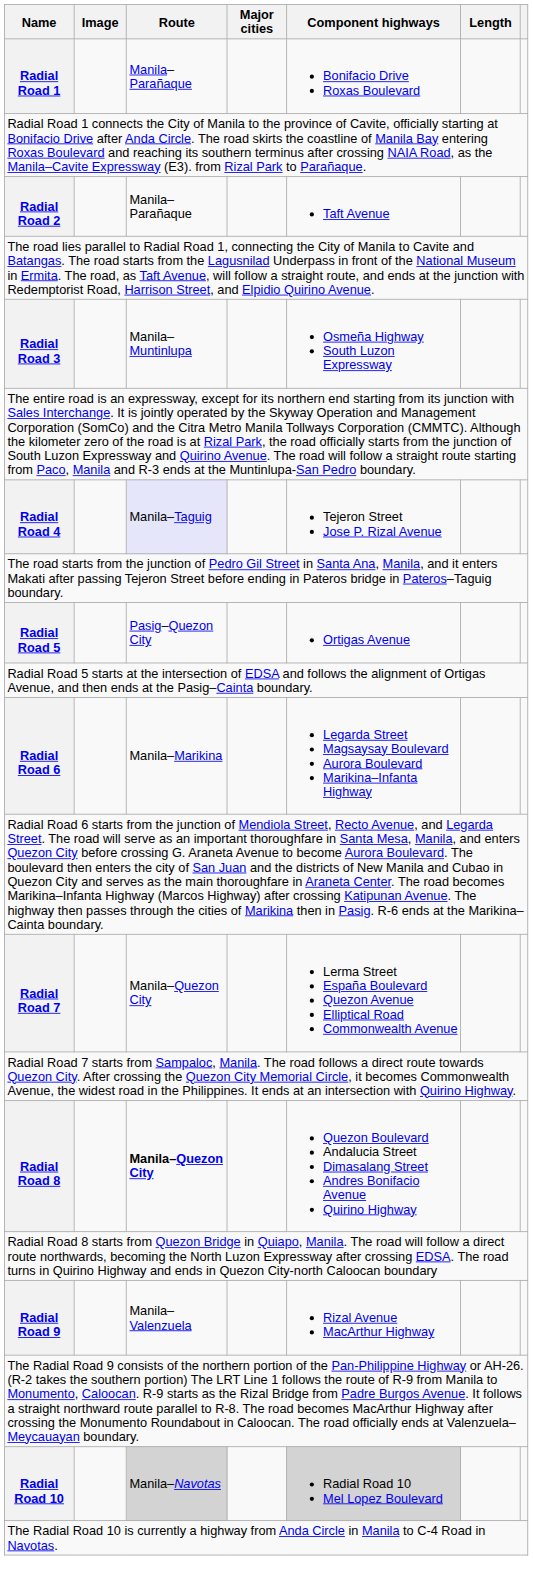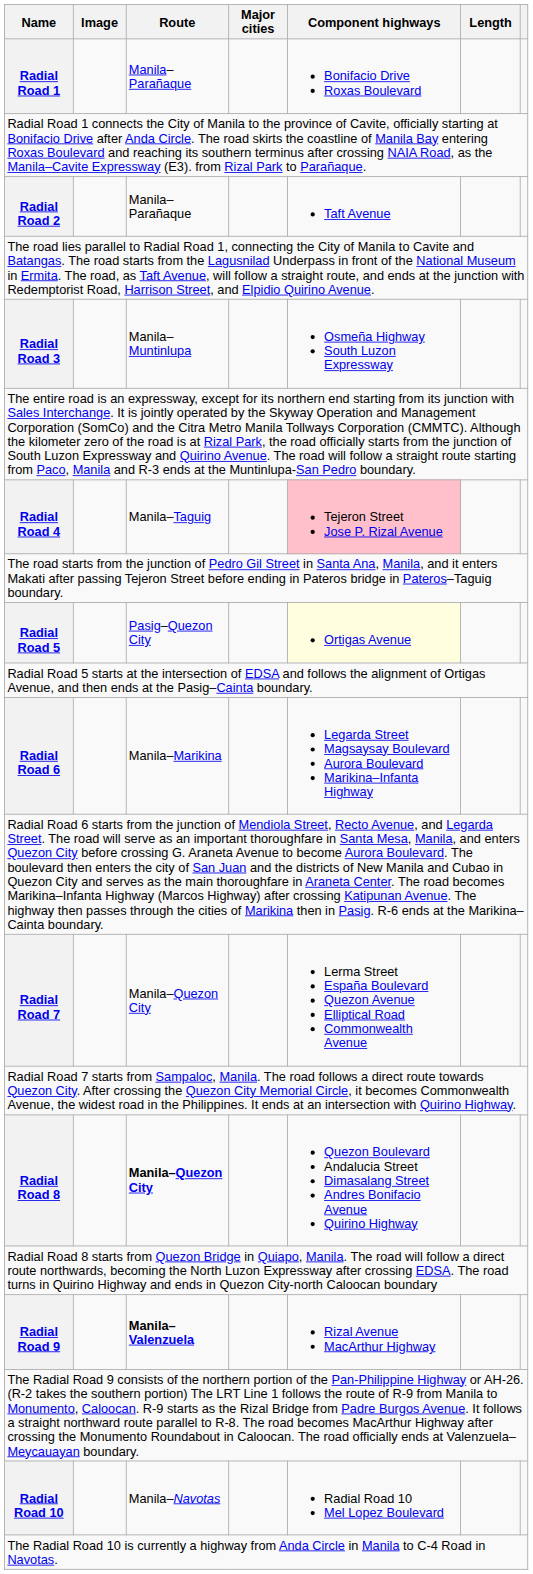 <table class="wikitable sortable mw-datatable collapsible" style="margin:auto; font-size:95%;">
 <tr>
 <th scope="col">Name</th>
 <th scope="col" class="unsortable">Image</th>
 <th scope="col" class="unsortable">Route</th>
 <th scope="col" class="nowrap">Major cities</th>
 <th scope="col" class="nowrap">Component highways</th>
 <th scope="col">Length</th>
 <th scope="col" class="unsortable"></th>
 </tr>
 <tr>
 <th scope="rowgroup"><br><a href='#'>Radial Road 1</a></th>
 <td></td>
 <td><a href='#'>Manila</a>–<a href='#'>Parañaque</a></td>
 <td></td>
 <td><br><ul><li><a href='#'>Bonifacio Drive</a></li><li><a href='#'>Roxas Boulevard</a></li></ul></td>
 <td></td>
 <td align="center"></td>
 </tr>
 <tr class="expand-child">
 <td scope="row" colspan=7>Radial Road 1 connects the City of Manila to the province of Cavite, officially starting at <a href='#'>Bonifacio Drive</a> after <a href='#'>Anda Circle</a>. The road skirts the coastline of <a href='#'>Manila Bay</a> entering <a href='#'>Roxas Boulevard</a> and reaching its southern terminus after crossing <a href='#'>NAIA Road</a>, as the <a href='#'>Manila–Cavite Expressway</a> (E3).  from <a href='#'>Rizal Park</a> to <a href='#'>Parañaque</a>.</td>
 </tr>
 <tr>
 <th scope="rowgroup"><br><a href='#'>Radial Road 2</a></th>
 <td></td>
 <td>Manila–Parañaque</td>
 <td></td>
 <td><br><ul><li><a href='#'>Taft Avenue</a></li></ul></td>
 <td></td>
 <td align="center"></td>
 </tr>
 <tr class="expand-child">
 <td scope="row" colspan=7>The road lies parallel to Radial Road 1, connecting the City of Manila to Cavite and <a href='#'>Batangas</a>. The road starts from the <a href='#'>Lagusnilad</a> Underpass in front of the <a href='#'>National Museum</a> in <a href='#'>Ermita</a>. The road, as <a href='#'>Taft Avenue</a>, will follow a straight route, and ends at the junction with Redemptorist Road, <a href='#'>Harrison Street</a>, and <a href='#'>Elpidio Quirino Avenue</a>.</td>
 </tr>
 <tr>
 <th scope="rowgroup"><br><a href='#'>Radial Road 3</a></th>
 <td></td>
 <td class="nowrap">Manila–<a href='#'>Muntinlupa</a></td>
 <td></td>
 <td><br><ul><li><a href='#'>Osmeña Highway</a></li><li><a href='#'>South Luzon Expressway</a></li></ul></td>
 <td></td>
 <td align="center"></td>
 </tr>
 <tr class="expand-child">
 <td scope="row" colspan=7>The entire road is an expressway, except for its northern end starting from its junction with <a href='#'>Sales Interchange</a>. It is jointly operated by the Skyway Operation and Management Corporation (SomCo) and the Citra Metro Manila Tollways Corporation (CMMTC). Although the kilometer zero of the road is at <a href='#'>Rizal Park</a>, the road officially starts from the junction of South Luzon Expressway and <a href='#'>Quirino Avenue</a>. The road will follow a straight route starting from <a href='#'>Paco</a>, <a href='#'>Manila</a> and R-3 ends at the Muntinlupa-<a href='#'>San Pedro</a> boundary.</td>
 </tr>
 <tr>
 <th scope="rowgroup"><br><a href='#'>Radial Road 4</a></th>
 <td></td>
-<td style="background: lavender;">Manila–<a href='#'>Taguig</a></td>
+<td>Manila–<a href='#'>Taguig</a></td>
 <td></td>
-<td><br><ul><li>Tejeron Street</li><li><a href='#'>Jose P. Rizal Avenue</a></li></ul></td>
+<td style="background: pink;"><br><ul><li>Tejeron Street</li><li><a href='#'>Jose P. Rizal Avenue</a></li></ul></td>
 <td></td>
 <td align="center"></td>
 </tr>
 <tr class="expand-child">
 <td scope="row" colspan=7>The road starts from the junction of <a href='#'>Pedro Gil Street</a> in <a href='#'>Santa Ana</a>, <a href='#'>Manila</a>, and it enters Makati after passing Tejeron Street before ending in Pateros bridge in <a href='#'>Pateros</a>–Taguig boundary.</td>
 </tr>
 <tr>
 <th scope="rowgroup"><br><a href='#'>Radial Road 5</a></th>
 <td></td>
 <td><a href='#'>Pasig</a>–<a href='#'>Quezon City</a></td>
 <td></td>
-<td><br><ul><li><a href='#'>Ortigas Avenue</a></li></ul></td>
+<td style="background: lightyellow;"><br><ul><li><a href='#'>Ortigas Avenue</a></li></ul></td>
 <td></td>
 <td align="center"></td>
 </tr>
 <tr class="expand-child">
 <td scope="row" colspan=7>Radial Road 5 starts at the intersection of <a href='#'>EDSA</a> and follows the alignment of Ortigas Avenue, and then ends at the Pasig–<a href='#'>Cainta</a> boundary.</td>
 </tr>
 <tr>
 <th scope="rowgroup"><br><a href='#'>Radial Road 6</a></th>
 <td> </td>
 <td>Manila–<a href='#'>Marikina</a></td>
 <td></td>
 <td><br><ul><li><a href='#'>Legarda Street</a></li><li><a href='#'>Magsaysay Boulevard</a></li><li><a href='#'>Aurora Boulevard</a></li><li><a href='#'>Marikina–Infanta Highway</a></li></ul></td>
 <td></td>
 <td align="center"></td>
 </tr>
 <tr class="expand-child">
 <td scope="row" colspan=7>Radial Road 6 starts from the junction of <a href='#'>Mendiola Street</a>, <a href='#'>Recto Avenue</a>, and <a href='#'>Legarda Street</a>. The road will serve as an important thoroughfare in <a href='#'>Santa Mesa</a>, <a href='#'>Manila</a>, and enters <a href='#'>Quezon City</a> before crossing G. Araneta Avenue to become <a href='#'>Aurora Boulevard</a>. The boulevard then enters the city of <a href='#'>San Juan</a> and the districts of New Manila and Cubao in Quezon City and serves as the main thoroughfare in <a href='#'>Araneta Center</a>. The road becomes Marikina–Infanta Highway (Marcos Highway) after crossing <a href='#'>Katipunan Avenue</a>. The highway then passes through the cities of <a href='#'>Marikina</a> then in <a href='#'>Pasig</a>. R-6 ends at the Marikina–Cainta boundary.</td>
 </tr>
 <tr>
 <th scope="rowgroup"><br><a href='#'>Radial Road 7</a></th>
 <td> </td>
 <td>Manila–<a href='#'>Quezon City</a></td>
 <td></td>
 <td><br><ul><li>Lerma Street</li><li><a href='#'>España Boulevard</a></li><li><a href='#'>Quezon Avenue</a></li><li><a href='#'>Elliptical Road</a></li><li><a href='#'>Commonwealth Avenue</a></li></ul></td>
 <td></td>
 <td align="center"></td>
 </tr>
 <tr class="expand-child">
 <td scope="row" colspan=7>Radial Road 7 starts from <a href='#'>Sampaloc</a>, <a href='#'>Manila</a>. The road follows a direct route towards <a href='#'>Quezon City</a>. After crossing the <a href='#'>Quezon City Memorial Circle</a>, it becomes Commonwealth Avenue, the widest road in the Philippines. It ends at an intersection with <a href='#'>Quirino Highway</a>.</td>
 </tr>
 <tr>
 <th scope="rowgroup"><br><a href='#'>Radial Road 8</a></th>
 <td></td>
 <td><strong>Manila–<a href='#'>Quezon City</a></strong></td>
 <td></td>
 <td><br><ul><li><a href='#'>Quezon Boulevard</a></li><li>Andalucia Street</li><li><a href='#'>Dimasalang Street</a></li><li><a href='#'>Andres Bonifacio Avenue</a></li><li><a href='#'>Quirino Highway</a></li></ul></td>
 <td class="nowrap"></td>
 <td align="center"></td>
 </tr>
 <tr class="expand-child">
 <td scope="row" colspan=7>Radial Road 8 starts from <a href='#'>Quezon Bridge</a> in <a href='#'>Quiapo</a>, <a href='#'>Manila</a>. The road will follow a direct route northwards, becoming the North Luzon Expressway after crossing <a href='#'>EDSA</a>. The road turns in Quirino Highway and ends in Quezon City-north Caloocan boundary</td>
 </tr>
 <tr>
 <th scope="rowgroup"><br><a href='#'>Radial Road 9</a></th>
 <td></td>
-<td>Manila–<a href='#'>Valenzuela</a></td>
+<td><strong>Manila–<a href='#'>Valenzuela</a></strong></td>
 <td></td>
 <td><br><ul><li><a href='#'>Rizal Avenue</a></li><li><a href='#'>MacArthur Highway</a></li></ul></td>
 <td></td>
 <td align="center"></td>
 </tr>
 <tr class="expand-child">
 <td scope="row" colspan=7>The Radial Road 9 consists of the northern portion of the <a href='#'>Pan-Philippine Highway</a> or AH-26.(R-2 takes the southern portion) The LRT Line 1 follows the route of R-9 from Manila to <a href='#'>Monumento</a>, <a href='#'>Caloocan</a>. R-9 starts as the Rizal Bridge from <a href='#'>Padre Burgos Avenue</a>. It follows a straight northward route parallel to R-8. The road becomes MacArthur Highway after crossing the Monumento Roundabout in Caloocan. The road officially ends at Valenzuela–<a href='#'>Meycauayan</a> boundary.</td>
 </tr>
 <tr>
 <th scope="rowgroup"><br><a href='#'>Radial Road 10</a></th>
 <td></td>
-<td style="background: lightgrey;">Manila–<em><a href='#'>Navotas</a></em></td>
+<td>Manila–<em><a href='#'>Navotas</a></em></td>
 <td></td>
-<td style="background: lightgrey;"><br><ul><li>Radial Road 10</li><li><a href='#'>Mel Lopez Boulevard</a></li></ul></td>
+<td><br><ul><li>Radial Road 10</li><li><a href='#'>Mel Lopez Boulevard</a></li></ul></td>
 <td></td>
 <td align="center"></td>
 </tr>
 <tr class="expand-child">
 <td scope="row" colspan=7>The Radial Road 10 is currently a  highway from <a href='#'>Anda Circle</a> in <a href='#'>Manila</a> to C-4 Road in <a href='#'>Navotas</a>.</td>
 </tr>
 </table>
